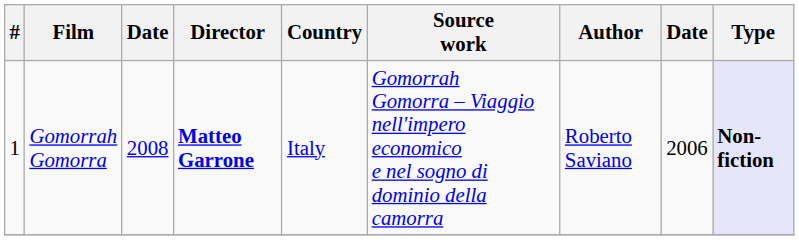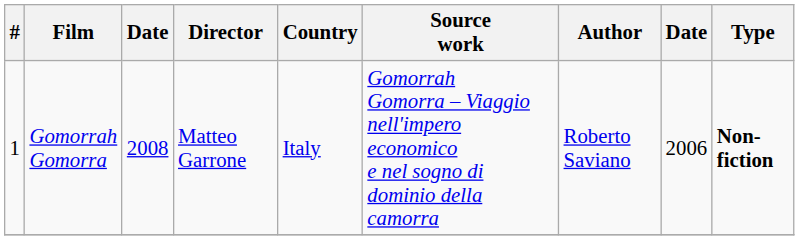 <table class="wikitable">
 <tr>
 <th>#</th>
 <th>Film</th>
 <th>Date</th>
 <th>Director</th>
 <th>Country</th>
 <th>Source<br>work</th>
 <th>Author</th>
 <th>Date</th>
 <th>Type</th>
 </tr>
 <tr>
 <td>1</td>
 <td><em><a href='#'>Gomorrah</a></em><br><em><a href='#'>Gomorra</a></em></td>
 <td><a href='#'>2008</a></td>
-<td><strong><a href='#'>Matteo Garrone</a></strong></td>
+<td><a href='#'>Matteo Garrone</a></td>
 <td><a href='#'>Italy</a></td>
 <td><em><a href='#'>Gomorrah</a></em><br><em><a href='#'>Gomorra – Viaggio nell'impero economico<br>e nel sogno di dominio della camorra</a></em></td>
 <td><a href='#'>Roberto Saviano</a></td>
 <td>2006</td>
-<td style="background: lavender;"><strong>Non-fiction</strong></td>
+<td><strong>Non-fiction</strong></td>
 </tr>
 <tr>
 </tr>
 </table>
